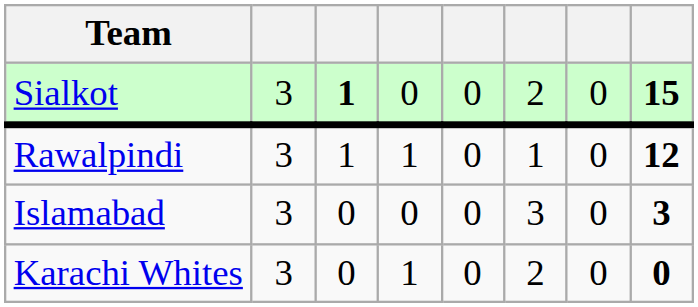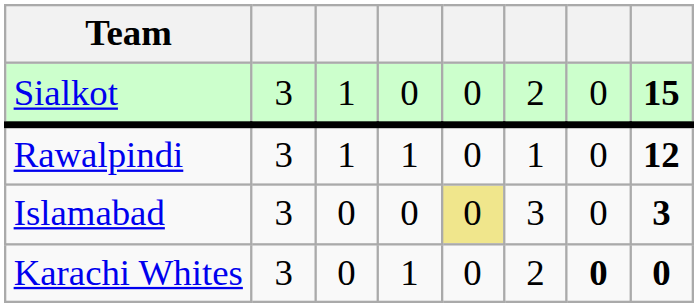 <table class="wikitable sortable" style="text-align: center">
 <tr>
 <th style="width:100px;">Team</th>
 <th style="width:20px;"></th>
 <th style="width:20px;"></th>
 <th style="width:20px;"></th>
 <th style="width:20px;"></th>
 <th style="width:20px;"></th>
 <th style="width:20px;"></th>
 <th style="width:20px;"></th>
 </tr>
 <tr bgcolor="#ccffcc">
 <td style="text-align:left"><a href='#'>Sialkot</a></td>
 <td>3</td>
-<td><strong>1</strong></td>
+<td>1</td>
 <td>0</td>
 <td>0</td>
 <td>2</td>
 <td>0</td>
 <td><strong>15</strong></td>
 </tr>
 <tr style="border-top:solid #000000">
 <td style="text-align:left"><a href='#'>Rawalpindi</a></td>
 <td>3</td>
 <td>1</td>
 <td>1</td>
 <td>0</td>
 <td>1</td>
 <td>0</td>
 <td><strong>12</strong></td>
 </tr>
 <tr>
 <td style="text-align:left"><a href='#'>Islamabad</a></td>
 <td>3</td>
 <td>0</td>
 <td>0</td>
-<td>0</td>
+<td style="background: khaki;">0</td>
 <td>3</td>
 <td>0</td>
 <td><strong>3</strong></td>
 </tr>
 <tr>
 <td style="text-align:left"><a href='#'>Karachi Whites</a></td>
 <td>3</td>
 <td>0</td>
 <td>1</td>
 <td>0</td>
 <td>2</td>
-<td>0</td>
+<td><strong>0</strong></td>
 <td><strong>0</strong></td>
 </tr>
 </table>
